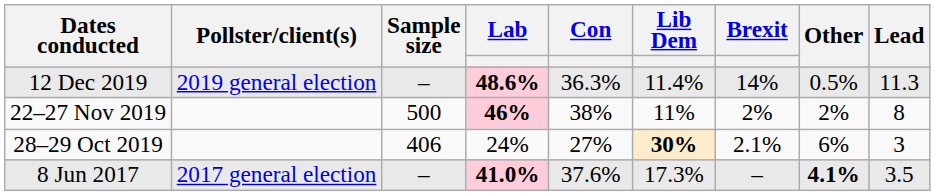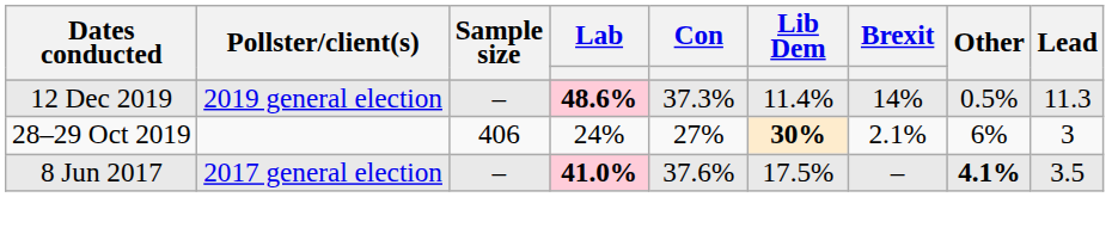 <table class="wikitable sortable mw-datatable" style="text-align:center;line-height:14px;">
 <tr>
 <th rowspan="2">Dates<br>conducted</th>
 <th rowspan="2">Pollster/client(s)</th>
 <th rowspan="2" data-sort-type="number">Sample<br>size</th>
 <th class="unsortable" style="width:50px;"><a href='#'>Lab</a></th>
 <th class="unsortable" style="width:50px;"><a href='#'>Con</a></th>
 <th class="unsortable" style="width:50px;"><a href='#'>Lib Dem</a></th>
 <th class="unsortable" style="width:50px;"><a href='#'>Brexit</a></th>
 <th rowspan="2" class="unsortable">Other</th>
 <th rowspan="2" data-sort-type="number">Lead</th>
 </tr>
 <tr>
 <th data-sort-type="number" style="background:"></th>
 <th data-sort-type="number" style="background:"></th>
 <th data-sort-type="number" style="background:"></th>
 <th data-sort-type="number" style="background:"></th>
 </tr>
 <tr style="background:#E9E9E9;">
 <td data-sort-value="2017-06-08">12 Dec 2019</td>
 <td><a href='#'>2019 general election</a></td>
 <td>–</td>
 <td style="background:#FFCCD9;"><strong>48.6%</strong></td>
-<td>36.3%</td>
+<td>37.3%</td>
 <td>11.4%</td>
 <td>14%</td>
 <td>0.5%</td>
 <td style="background:">11.3</td>
-</tr>
-<tr>
-<td data-sort-value="2019-11-30">22–27 Nov 2019</td>
-<td></td>
-<td>500</td>
-<td style="background:#FFCCD9;"><strong>46%</strong></td>
-<td>38%</td>
-<td>11%</td>
-<td>2%</td>
-<td>2%</td>
-<td style="background:">8</td>
 </tr>
 <tr>
 <td data-sort-value="2019-10-29">28–29 Oct 2019</td>
 <td></td>
 <td>406</td>
 <td>24%</td>
 <td>27%</td>
 <td style="background:#FEECCD;"><strong>30%</strong></td>
 <td>2.1%</td>
 <td>6%</td>
 <td style="background:">3</td>
 </tr>
 <tr style="background:#E9E9E9;">
 <td data-sort-value="2017-06-08">8 Jun 2017</td>
 <td><a href='#'>2017 general election</a></td>
 <td>–</td>
 <td style="background:#FFCCD9;"><strong>41.0%</strong></td>
 <td>37.6%</td>
-<td>17.3%</td>
+<td>17.5%</td>
 <td>–</td>
 <td><strong>4.1%</strong></td>
 <td style="background:">3.5</td>
 </tr>
 </table>
